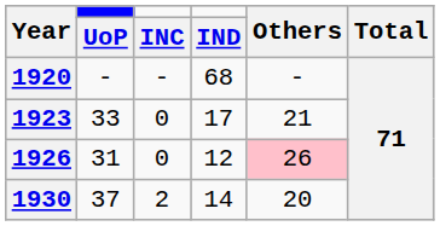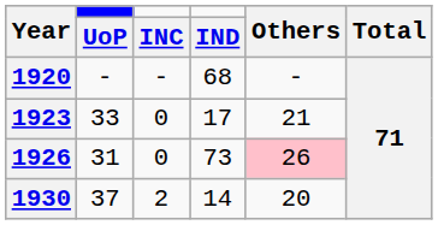 <table class="wikitable" style="text-align:center">
 <tr>
 <th rowspan="2">Year</th>
 <td bgcolor="blue"></td>
 <td></td>
 <td></td>
 <th rowspan="2">Others</th>
 <th rowspan="2">Total</th>
 </tr>
 <tr>
 <th><a href='#'>UoP</a></th>
 <th><a href='#'>INC</a></th>
 <th><a href='#'>IND</a></th>
 </tr>
 <tr>
 <th><a href='#'>1920</a></th>
 <td>-</td>
 <td>-</td>
 <td>68</td>
 <td>-</td>
 <th rowspan="4">71</th>
 </tr>
 <tr>
 <th><a href='#'>1923</a></th>
 <td>33</td>
 <td>0</td>
 <td>17</td>
 <td>21</td>
 </tr>
 <tr>
 <th><a href='#'>1926</a></th>
 <td>31</td>
 <td>0</td>
-<td>12</td>
+<td>73</td>
 <td style="background: pink;">26</td>
 </tr>
 <tr>
 <th><a href='#'>1930</a></th>
 <td>37</td>
 <td>2</td>
 <td>14</td>
 <td>20</td>
 </tr>
 </table>
